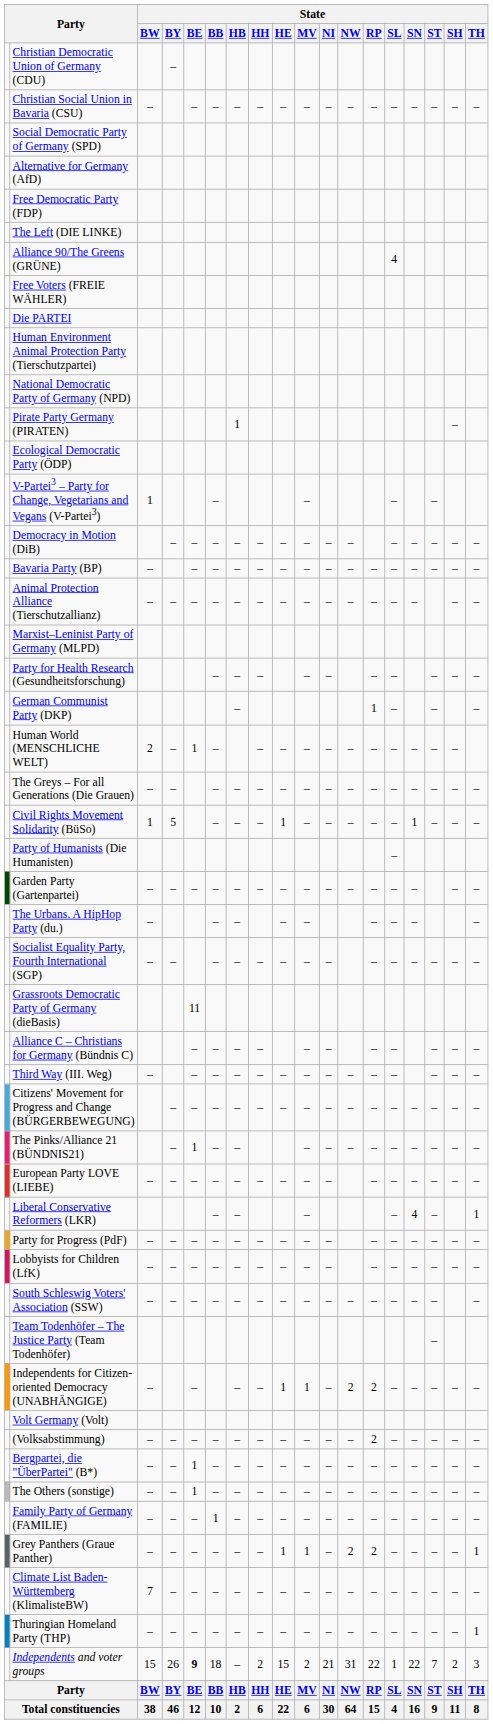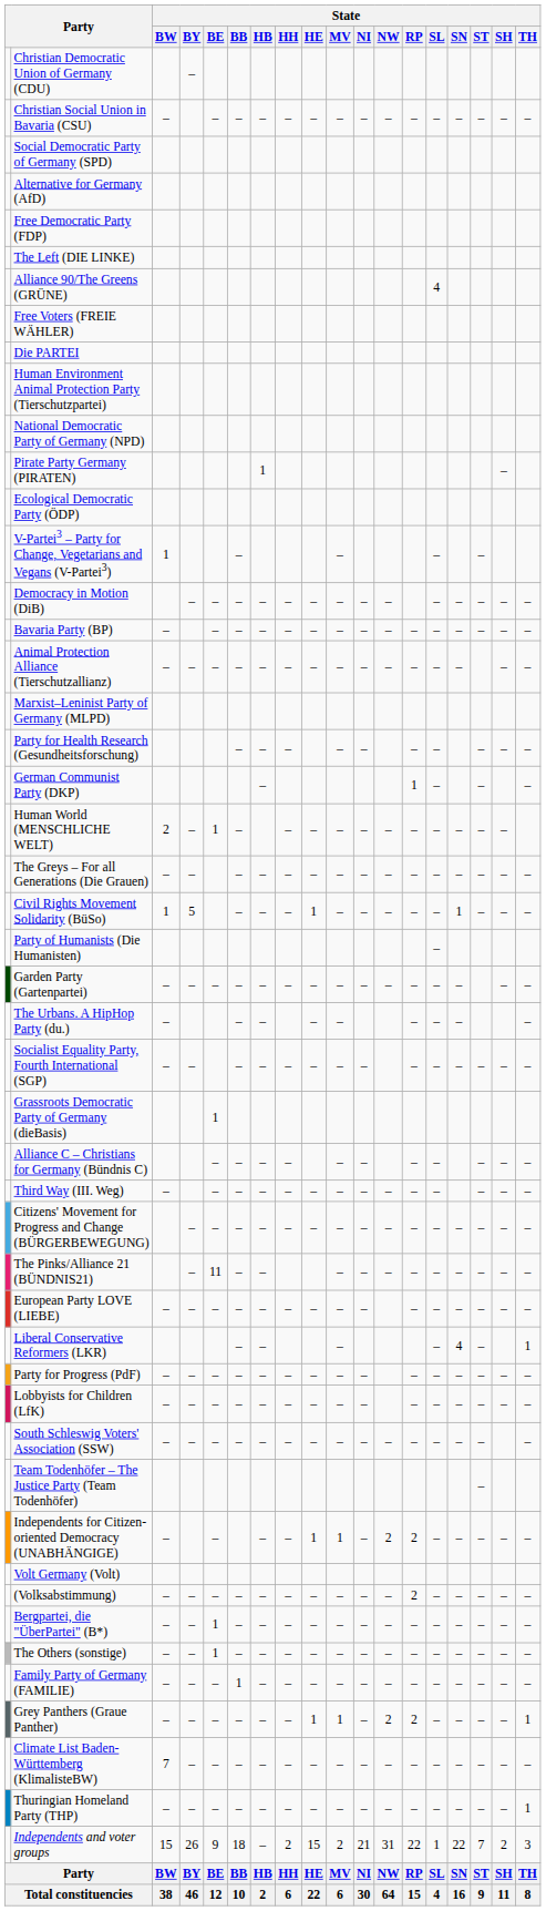 <table class=wikitable style="font-size:95%; text-align:center">
 <tr>
 <th rowspan=2 colspan=2>Party</th>
 <th colspan=16>State</th>
 </tr>
 <tr>
 <th style="width:18px"><a href='#'>BW</a></th>
 <th style="width:18px"><a href='#'>BY</a></th>
 <th style="width:18px"><a href='#'>BE</a></th>
 <th style="width:18px"><a href='#'>BB</a></th>
 <th style="width:18px"><a href='#'>HB</a></th>
 <th style="width:18px"><a href='#'>HH</a></th>
 <th style="width:18px"><a href='#'>HE</a></th>
 <th style="width:18px"><a href='#'>MV</a></th>
 <th style="width:18px"><a href='#'>NI</a></th>
 <th style="width:18px"><a href='#'>NW</a></th>
 <th style="width:18px"><a href='#'>RP</a></th>
 <th style="width:18px"><a href='#'>SL</a></th>
 <th style="width:18px"><a href='#'>SN</a></th>
 <th style="width:18px"><a href='#'>ST</a></th>
 <th style="width:18px"><a href='#'>SH</a></th>
 <th style="width:18px"><a href='#'>TH</a></th>
 </tr>
 <tr>
 <td bgcolor=></td>
 <td align=left><a href='#'>Christian Democratic Union of Germany</a> (CDU)</td>
 <td></td>
 <td>–</td>
 <td></td>
 <td></td>
 <td></td>
 <td></td>
 <td></td>
 <td></td>
 <td></td>
 <td></td>
 <td></td>
 <td></td>
 <td></td>
 <td></td>
 <td></td>
 <td></td>
 </tr>
 <tr>
 <td></td>
 <td align="left"><a href='#'>Christian Social Union in Bavaria</a> (CSU)</td>
 <td>–</td>
 <td></td>
 <td>–</td>
 <td>–</td>
 <td>–</td>
 <td>–</td>
 <td>–</td>
 <td>–</td>
 <td>–</td>
 <td>–</td>
 <td>–</td>
 <td>–</td>
 <td>–</td>
 <td>–</td>
 <td>–</td>
 <td>–</td>
 </tr>
 <tr>
 <td bgcolor=></td>
 <td align=left><a href='#'>Social Democratic Party of Germany</a> (SPD)</td>
 <td></td>
 <td></td>
 <td></td>
 <td></td>
 <td></td>
 <td></td>
 <td></td>
 <td></td>
 <td></td>
 <td></td>
 <td></td>
 <td></td>
 <td></td>
 <td></td>
 <td></td>
 <td></td>
 </tr>
 <tr>
 <td bgcolor=></td>
 <td align=left><a href='#'>Alternative for Germany</a> (AfD)</td>
 <td></td>
 <td></td>
 <td></td>
 <td></td>
 <td></td>
 <td></td>
 <td></td>
 <td></td>
 <td></td>
 <td></td>
 <td></td>
 <td></td>
 <td></td>
 <td></td>
 <td></td>
 <td></td>
 </tr>
 <tr>
 <td bgcolor=></td>
 <td align=left><a href='#'>Free Democratic Party</a> (FDP)</td>
 <td></td>
 <td></td>
 <td></td>
 <td></td>
 <td></td>
 <td></td>
 <td></td>
 <td></td>
 <td></td>
 <td></td>
 <td></td>
 <td></td>
 <td></td>
 <td></td>
 <td></td>
 <td></td>
 </tr>
 <tr>
 <td bgcolor=></td>
 <td align=left><a href='#'>The Left</a> (DIE LINKE)</td>
 <td></td>
 <td></td>
 <td></td>
 <td></td>
 <td></td>
 <td></td>
 <td></td>
 <td></td>
 <td></td>
 <td></td>
 <td></td>
 <td></td>
 <td></td>
 <td></td>
 <td></td>
 <td></td>
 </tr>
 <tr>
 <td bgcolor=></td>
 <td align=left><a href='#'>Alliance 90/The Greens</a> (GRÜNE)</td>
 <td></td>
 <td></td>
 <td></td>
 <td></td>
 <td></td>
 <td></td>
 <td></td>
 <td></td>
 <td></td>
 <td></td>
 <td></td>
 <td>4</td>
 <td></td>
 <td></td>
 <td></td>
 <td></td>
 </tr>
 <tr>
 <td bgcolor=></td>
 <td align=left><a href='#'>Free Voters</a> (FREIE WÄHLER)</td>
 <td></td>
 <td></td>
 <td></td>
 <td></td>
 <td></td>
 <td></td>
 <td></td>
 <td></td>
 <td></td>
 <td></td>
 <td></td>
 <td></td>
 <td></td>
 <td></td>
 <td></td>
 <td></td>
 </tr>
 <tr>
 <td bgcolor=></td>
 <td align=left><a href='#'>Die PARTEI</a></td>
 <td></td>
 <td></td>
 <td></td>
 <td></td>
 <td></td>
 <td></td>
 <td></td>
 <td></td>
 <td></td>
 <td></td>
 <td></td>
 <td></td>
 <td></td>
 <td></td>
 <td></td>
 <td></td>
 </tr>
 <tr>
 <td bgcolor=></td>
 <td align=left><a href='#'>Human Environment Animal Protection Party</a> (Tierschutzpartei)</td>
 <td></td>
 <td></td>
 <td></td>
 <td></td>
 <td></td>
 <td></td>
 <td></td>
 <td></td>
 <td></td>
 <td></td>
 <td></td>
 <td></td>
 <td></td>
 <td></td>
 <td></td>
 <td></td>
 </tr>
 <tr>
 <td bgcolor=></td>
 <td align=left><a href='#'>National Democratic Party of Germany</a> (NPD)</td>
 <td></td>
 <td></td>
 <td></td>
 <td></td>
 <td></td>
 <td></td>
 <td></td>
 <td></td>
 <td></td>
 <td></td>
 <td></td>
 <td></td>
 <td></td>
 <td></td>
 <td></td>
 <td></td>
 </tr>
 <tr>
 <td bgcolor=></td>
 <td align=left><a href='#'>Pirate Party Germany</a> (PIRATEN)</td>
 <td></td>
 <td></td>
 <td></td>
 <td></td>
 <td>1</td>
 <td></td>
 <td></td>
 <td></td>
 <td></td>
 <td></td>
 <td></td>
 <td></td>
 <td></td>
 <td></td>
 <td>–</td>
 <td></td>
 </tr>
 <tr>
 <td bgcolor=></td>
 <td align=left><a href='#'>Ecological Democratic Party</a> (ÖDP)</td>
 <td></td>
 <td></td>
 <td></td>
 <td></td>
 <td></td>
 <td></td>
 <td></td>
 <td></td>
 <td></td>
 <td></td>
 <td></td>
 <td></td>
 <td></td>
 <td></td>
 <td></td>
 <td></td>
 </tr>
 <tr>
 <td bgcolor=></td>
 <td align=left><a href='#'>V-Partei<sup>3</sup> – Party for Change, Vegetarians and Vegans</a> (V-Partei<sup>3</sup>)</td>
 <td>1</td>
 <td></td>
 <td></td>
 <td>–</td>
 <td></td>
 <td></td>
 <td></td>
 <td>–</td>
 <td></td>
 <td></td>
 <td></td>
 <td>–</td>
 <td></td>
 <td>–</td>
 <td></td>
 <td></td>
 </tr>
 <tr>
 <td bgcolor=></td>
 <td align=left><a href='#'>Democracy in Motion</a> (DiB)</td>
 <td></td>
 <td>–</td>
 <td>–</td>
 <td>–</td>
 <td>–</td>
 <td>–</td>
 <td>–</td>
 <td>–</td>
 <td>–</td>
 <td>–</td>
 <td></td>
 <td>–</td>
 <td>–</td>
 <td>–</td>
 <td>–</td>
 <td>–</td>
 </tr>
 <tr>
 <td bgcolor=></td>
 <td align=left><a href='#'>Bavaria Party</a> (BP)</td>
 <td>–</td>
 <td></td>
 <td>–</td>
 <td>–</td>
 <td>–</td>
 <td>–</td>
 <td>–</td>
 <td>–</td>
 <td>–</td>
 <td>–</td>
 <td>–</td>
 <td>–</td>
 <td>–</td>
 <td>–</td>
 <td>–</td>
 <td>–</td>
 </tr>
 <tr>
 <td bgcolor=></td>
 <td align=left><a href='#'>Animal Protection Alliance</a> (Tierschutzallianz)</td>
 <td>–</td>
 <td>–</td>
 <td>–</td>
 <td>–</td>
 <td>–</td>
 <td>–</td>
 <td>–</td>
 <td>–</td>
 <td>–</td>
 <td>–</td>
 <td>–</td>
 <td>–</td>
 <td>–</td>
 <td></td>
 <td>–</td>
 <td>–</td>
 </tr>
 <tr>
 <td bgcolor=></td>
 <td align=left><a href='#'>Marxist–Leninist Party of Germany</a> (MLPD)</td>
 <td></td>
 <td></td>
 <td></td>
 <td></td>
 <td></td>
 <td></td>
 <td></td>
 <td></td>
 <td></td>
 <td></td>
 <td></td>
 <td></td>
 <td></td>
 <td></td>
 <td></td>
 <td></td>
 </tr>
 <tr>
 <td bgcolor=></td>
 <td align=left><a href='#'>Party for Health Research</a> (Gesundheitsforschung)</td>
 <td></td>
 <td></td>
 <td></td>
 <td>–</td>
 <td>–</td>
 <td>–</td>
 <td></td>
 <td>–</td>
 <td>–</td>
 <td></td>
 <td>–</td>
 <td>–</td>
 <td></td>
 <td>–</td>
 <td>–</td>
 <td>–</td>
 </tr>
 <tr>
 <td bgcolor=></td>
 <td align=left><a href='#'>German Communist Party</a> (DKP)</td>
 <td></td>
 <td></td>
 <td></td>
 <td></td>
 <td>–</td>
 <td></td>
 <td></td>
 <td></td>
 <td></td>
 <td></td>
 <td>1</td>
 <td>–</td>
 <td></td>
 <td>–</td>
 <td></td>
 <td>–</td>
 </tr>
 <tr>
 <td bgcolor=></td>
 <td align=left>Human World (MENSCHLICHE WELT)</td>
 <td>2</td>
 <td>–</td>
 <td>1</td>
 <td>–</td>
 <td></td>
 <td>–</td>
 <td>–</td>
 <td>–</td>
 <td>–</td>
 <td>–</td>
 <td>–</td>
 <td>–</td>
 <td>–</td>
 <td>–</td>
 <td>–</td>
 <td></td>
 </tr>
 <tr>
 <td bgcolor=></td>
 <td align=left>The Greys – For all Generations (Die Grauen)</td>
 <td>–</td>
 <td>–</td>
 <td></td>
 <td>–</td>
 <td>–</td>
 <td>–</td>
 <td>–</td>
 <td>–</td>
 <td>–</td>
 <td>–</td>
 <td>–</td>
 <td>–</td>
 <td>–</td>
 <td>–</td>
 <td>–</td>
 <td>–</td>
 </tr>
 <tr>
 <td bgcolor=></td>
 <td align=left><a href='#'>Civil Rights Movement Solidarity</a> (BüSo)</td>
 <td>1</td>
 <td>5</td>
 <td></td>
 <td>–</td>
 <td>–</td>
 <td>–</td>
 <td>1</td>
 <td>–</td>
 <td>–</td>
 <td>–</td>
 <td>–</td>
 <td>–</td>
 <td>1</td>
 <td>–</td>
 <td>–</td>
 <td>–</td>
 </tr>
 <tr>
 <td bgcolor=></td>
 <td align=left><a href='#'>Party of Humanists</a> (Die Humanisten)</td>
 <td></td>
 <td></td>
 <td></td>
 <td></td>
 <td></td>
 <td></td>
 <td></td>
 <td></td>
 <td></td>
 <td></td>
 <td></td>
 <td>–</td>
 <td></td>
 <td></td>
 <td></td>
 <td></td>
 </tr>
 <tr>
 <td bgcolor=#004800></td>
 <td align=left>Garden Party (Gartenpartei)</td>
 <td>–</td>
 <td>–</td>
 <td>–</td>
 <td>–</td>
 <td>–</td>
 <td>–</td>
 <td>–</td>
 <td>–</td>
 <td>–</td>
 <td>–</td>
 <td>–</td>
 <td>–</td>
 <td>–</td>
 <td></td>
 <td>–</td>
 <td>–</td>
 </tr>
 <tr>
 <td bgcolor=></td>
 <td align=left><a href='#'>The Urbans. A HipHop Party</a> (du.)</td>
 <td>–</td>
 <td></td>
 <td></td>
 <td>–</td>
 <td>–</td>
 <td></td>
 <td>–</td>
 <td>–</td>
 <td></td>
 <td></td>
 <td>–</td>
 <td>–</td>
 <td>–</td>
 <td></td>
 <td></td>
 <td>–</td>
 </tr>
 <tr>
 <td bgcolor=></td>
 <td align=left><a href='#'>Socialist Equality Party, Fourth International</a> (SGP)</td>
 <td>–</td>
 <td>–</td>
 <td></td>
 <td>–</td>
 <td>–</td>
 <td>–</td>
 <td>–</td>
 <td>–</td>
 <td>–</td>
 <td></td>
 <td>–</td>
 <td>–</td>
 <td>–</td>
 <td>–</td>
 <td>–</td>
 <td>–</td>
 </tr>
 <tr>
 <td bgcolor=></td>
 <td align=left><a href='#'>Grassroots Democratic Party of Germany</a> (dieBasis)</td>
 <td></td>
 <td></td>
-<td>11</td>
+<td>1</td>
 <td></td>
 <td></td>
 <td></td>
 <td></td>
 <td></td>
 <td></td>
 <td></td>
 <td></td>
 <td></td>
 <td></td>
 <td></td>
 <td></td>
 <td></td>
 </tr>
 <tr>
 <td bgcolor=></td>
 <td align=left><a href='#'>Alliance C – Christians for Germany</a> (Bündnis C)</td>
 <td></td>
 <td></td>
 <td>–</td>
 <td>–</td>
 <td>–</td>
 <td>–</td>
 <td></td>
 <td>–</td>
 <td>–</td>
 <td></td>
 <td>–</td>
 <td>–</td>
 <td></td>
 <td>–</td>
 <td>–</td>
 <td>–</td>
 </tr>
 <tr>
 <td bgcolor=></td>
 <td align=left><a href='#'>Third Way</a> (III. Weg)</td>
 <td>–</td>
 <td></td>
 <td>–</td>
 <td>–</td>
 <td>–</td>
 <td>–</td>
 <td>–</td>
 <td>–</td>
 <td>–</td>
 <td>–</td>
 <td>–</td>
 <td>–</td>
 <td></td>
 <td>–</td>
 <td>–</td>
 <td>–</td>
 </tr>
 <tr>
 <td bgcolor=#44AAE0></td>
 <td align=left>Citizens' Movement for Progress and Change (BÜRGERBEWEGUNG)</td>
 <td></td>
 <td>–</td>
 <td>–</td>
 <td>–</td>
 <td>–</td>
 <td>–</td>
 <td>–</td>
 <td>–</td>
 <td>–</td>
 <td>–</td>
 <td>–</td>
 <td>–</td>
 <td>–</td>
 <td>–</td>
 <td>–</td>
 <td>–</td>
 </tr>
 <tr>
 <td bgcolor=#E71F71></td>
 <td align=left>The Pinks/Alliance 21 (BÜNDNIS21)</td>
 <td></td>
 <td>–</td>
-<td>1</td>
+<td>11</td>
 <td>–</td>
 <td>–</td>
 <td></td>
 <td></td>
 <td>–</td>
 <td>–</td>
 <td>–</td>
 <td>–</td>
 <td>–</td>
 <td>–</td>
 <td>–</td>
 <td>–</td>
 <td>–</td>
 </tr>
 <tr>
 <td bgcolor=#DC2F28></td>
 <td align=left>European Party LOVE (LIEBE)</td>
 <td>–</td>
 <td>–</td>
 <td>–</td>
 <td>–</td>
 <td>–</td>
 <td>–</td>
 <td>–</td>
 <td>–</td>
 <td>–</td>
 <td></td>
 <td>–</td>
 <td>–</td>
 <td>–</td>
 <td>–</td>
 <td>–</td>
 <td>–</td>
 </tr>
 <tr>
 <td bgcolor=></td>
 <td align=left><a href='#'>Liberal Conservative Reformers</a> (LKR)</td>
 <td></td>
 <td></td>
 <td></td>
 <td>–</td>
 <td>–</td>
 <td></td>
 <td></td>
 <td>–</td>
 <td></td>
 <td></td>
 <td></td>
 <td>–</td>
 <td>4</td>
 <td>–</td>
 <td></td>
 <td>1</td>
 </tr>
 <tr>
 <td bgcolor=#F5A419></td>
 <td align=left>Party for Progress (PdF)</td>
 <td>–</td>
 <td>–</td>
 <td>–</td>
 <td>–</td>
 <td>–</td>
 <td>–</td>
 <td>–</td>
 <td>–</td>
 <td>–</td>
 <td></td>
 <td>–</td>
 <td>–</td>
 <td>–</td>
 <td>–</td>
 <td>–</td>
 <td>–</td>
 </tr>
 <tr>
 <td bgcolor=#D1165D></td>
 <td align=left>Lobbyists for Children (LfK)</td>
 <td>–</td>
 <td>–</td>
 <td>–</td>
 <td>–</td>
 <td>–</td>
 <td>–</td>
 <td>–</td>
 <td>–</td>
 <td>–</td>
 <td></td>
 <td>–</td>
 <td>–</td>
 <td>–</td>
 <td>–</td>
 <td>–</td>
 <td>–</td>
 </tr>
 <tr>
 <td bgcolor=></td>
 <td align=left><a href='#'>South Schleswig Voters' Association</a> (SSW)</td>
 <td>–</td>
 <td>–</td>
 <td>–</td>
 <td>–</td>
 <td>–</td>
 <td>–</td>
 <td>–</td>
 <td>–</td>
 <td>–</td>
 <td>–</td>
 <td>–</td>
 <td>–</td>
 <td>–</td>
 <td>–</td>
 <td></td>
 <td>–</td>
 </tr>
 <tr>
 <td bgcolor=></td>
 <td align=left><a href='#'>Team Todenhöfer – The Justice Party</a> (Team Todenhöfer)</td>
 <td></td>
 <td></td>
 <td></td>
 <td></td>
 <td></td>
 <td></td>
 <td></td>
 <td></td>
 <td></td>
 <td></td>
 <td></td>
 <td></td>
 <td></td>
 <td>–</td>
 <td></td>
 <td></td>
 </tr>
 <tr>
 <td bgcolor=#FF9900></td>
 <td align=left>Independents for Citizen-oriented Democracy (UNABHÄNGIGE)</td>
 <td>–</td>
 <td></td>
 <td>–</td>
 <td></td>
 <td>–</td>
 <td>–</td>
 <td>1</td>
 <td>1</td>
 <td>–</td>
 <td>2</td>
 <td>2</td>
 <td>–</td>
 <td>–</td>
 <td>–</td>
 <td>–</td>
 <td>–</td>
 </tr>
 <tr>
 <td bgcolor=></td>
 <td align=left><a href='#'>Volt Germany</a> (Volt)</td>
 <td></td>
 <td></td>
 <td></td>
 <td></td>
 <td></td>
 <td></td>
 <td></td>
 <td></td>
 <td></td>
 <td></td>
 <td></td>
 <td></td>
 <td></td>
 <td></td>
 <td></td>
 <td></td>
 </tr>
 <tr>
 <td bgcolor=></td>
 <td align=left> (Volksabstimmung)</td>
 <td>–</td>
 <td>–</td>
 <td>–</td>
 <td>–</td>
 <td>–</td>
 <td>–</td>
 <td>–</td>
 <td>–</td>
 <td>–</td>
 <td>–</td>
 <td>2</td>
 <td>–</td>
 <td>–</td>
 <td>–</td>
 <td>–</td>
 <td>–</td>
 </tr>
 <tr>
 <td bgcolor=></td>
 <td align=left><a href='#'>Bergpartei, die "ÜberPartei"</a> (B*)</td>
 <td>–</td>
 <td>–</td>
 <td>1</td>
 <td>–</td>
 <td>–</td>
 <td>–</td>
 <td>–</td>
 <td>–</td>
 <td>–</td>
 <td>–</td>
 <td>–</td>
 <td>–</td>
 <td>–</td>
 <td>–</td>
 <td>–</td>
 <td>–</td>
 </tr>
 <tr>
 <td bgcolor=#BABABA></td>
 <td align=left>The Others (sonstige)</td>
 <td>–</td>
 <td>–</td>
 <td>1</td>
 <td>–</td>
 <td>–</td>
 <td>–</td>
 <td>–</td>
 <td>–</td>
 <td>–</td>
 <td>–</td>
 <td>–</td>
 <td>–</td>
 <td>–</td>
 <td>–</td>
 <td>–</td>
 <td>–</td>
 </tr>
 <tr>
 <td bgcolor=></td>
 <td align=left><a href='#'>Family Party of Germany</a> (FAMILIE)</td>
 <td>–</td>
 <td>–</td>
 <td>–</td>
 <td>1</td>
 <td>–</td>
 <td>–</td>
 <td>–</td>
 <td>–</td>
 <td>–</td>
 <td>–</td>
 <td>–</td>
 <td>–</td>
 <td>–</td>
 <td>–</td>
 <td>–</td>
 <td>–</td>
 </tr>
 <tr>
 <td bgcolor=#566467></td>
 <td align=left>Grey Panthers (Graue Panther)</td>
 <td>–</td>
 <td>–</td>
 <td>–</td>
 <td>–</td>
 <td>–</td>
 <td>–</td>
 <td>1</td>
 <td>1</td>
 <td>–</td>
 <td>2</td>
 <td>2</td>
 <td>–</td>
 <td>–</td>
 <td>–</td>
 <td>–</td>
 <td>1</td>
 </tr>
 <tr>
 <td bgcolor=></td>
 <td align=left><a href='#'>Climate List Baden-Württemberg</a> (KlimalisteBW)</td>
 <td>7</td>
 <td>–</td>
 <td>–</td>
 <td>–</td>
 <td>–</td>
 <td>–</td>
 <td>–</td>
 <td>–</td>
 <td>–</td>
 <td>–</td>
 <td>–</td>
 <td>–</td>
 <td>–</td>
 <td>–</td>
 <td>–</td>
 <td>–</td>
 </tr>
 <tr>
 <td bgcolor=#0083C1></td>
 <td align=left>Thuringian Homeland Party (THP)</td>
 <td>–</td>
 <td>–</td>
 <td>–</td>
 <td>–</td>
 <td>–</td>
 <td>–</td>
 <td>–</td>
 <td>–</td>
 <td>–</td>
 <td>–</td>
 <td>–</td>
 <td>–</td>
 <td>–</td>
 <td>–</td>
 <td>–</td>
 <td>1</td>
 </tr>
 <tr>
 <td bgcolor=></td>
 <td align=left><em><a href='#'>Independents</a> and voter groups</em></td>
 <td>15</td>
 <td>26</td>
-<td><strong>9</strong></td>
+<td>9</td>
 <td>18</td>
 <td>–</td>
 <td>2</td>
 <td>15</td>
 <td>2</td>
 <td>21</td>
 <td>31</td>
 <td>22</td>
 <td>1</td>
 <td>22</td>
 <td>7</td>
 <td>2</td>
 <td>3</td>
 </tr>
 <tr>
 <th colspan=2>Party</th>
 <th><a href='#'>BW</a></th>
 <th><a href='#'>BY</a></th>
 <th><a href='#'>BE</a></th>
 <th><a href='#'>BB</a></th>
 <th><a href='#'>HB</a></th>
 <th><a href='#'>HH</a></th>
 <th><a href='#'>HE</a></th>
 <th><a href='#'>MV</a></th>
 <th><a href='#'>NI</a></th>
 <th><a href='#'>NW</a></th>
 <th><a href='#'>RP</a></th>
 <th><a href='#'>SL</a></th>
 <th><a href='#'>SN</a></th>
 <th><a href='#'>ST</a></th>
 <th><a href='#'>SH</a></th>
 <th><a href='#'>TH</a></th>
 </tr>
 <tr>
 <th colspan=2>Total constituencies</th>
 <th>38</th>
 <th>46</th>
 <th>12</th>
 <th>10</th>
 <th>2</th>
 <th>6</th>
 <th>22</th>
 <th>6</th>
 <th>30</th>
 <th>64</th>
 <th>15</th>
 <th>4</th>
 <th>16</th>
 <th>9</th>
 <th>11</th>
 <th>8</th>
 </tr>
 </table>
